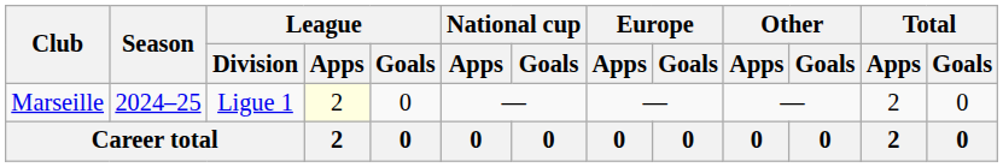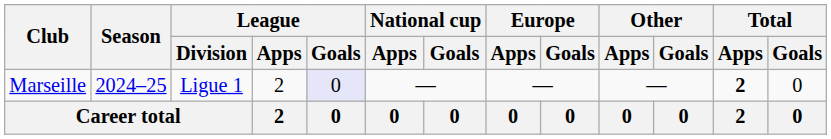 <table class="wikitable" style="text-align: center">
 <tr>
 <th rowspan="2">Club</th>
 <th rowspan="2">Season</th>
 <th colspan="3">League</th>
 <th colspan="2">National cup</th>
 <th colspan="2">Europe</th>
 <th colspan="2">Other</th>
 <th colspan="2">Total</th>
 </tr>
 <tr>
 <th>Division</th>
 <th>Apps</th>
 <th>Goals</th>
 <th>Apps</th>
 <th>Goals</th>
 <th>Apps</th>
 <th>Goals</th>
 <th>Apps</th>
 <th>Goals</th>
 <th>Apps</th>
 <th>Goals</th>
 </tr>
 <tr>
 <td><a href='#'>Marseille</a></td>
 <td><a href='#'>2024–25</a></td>
 <td><a href='#'>Ligue 1</a></td>
-<td style="background: lightyellow;">2</td>
-<td>0</td>
+<td>2</td>
+<td style="background: lavender;">0</td>
 <td colspan="2">—</td>
 <td colspan="2">—</td>
 <td colspan="2">—</td>
-<td>2</td>
+<td><strong>2</strong></td>
 <td>0</td>
 </tr>
 <tr>
 <th colspan="3">Career total</th>
 <th>2</th>
 <th>0</th>
 <th>0</th>
 <th>0</th>
 <th>0</th>
 <th>0</th>
 <th>0</th>
 <th>0</th>
 <th>2</th>
 <th>0</th>
 </tr>
 </table>
